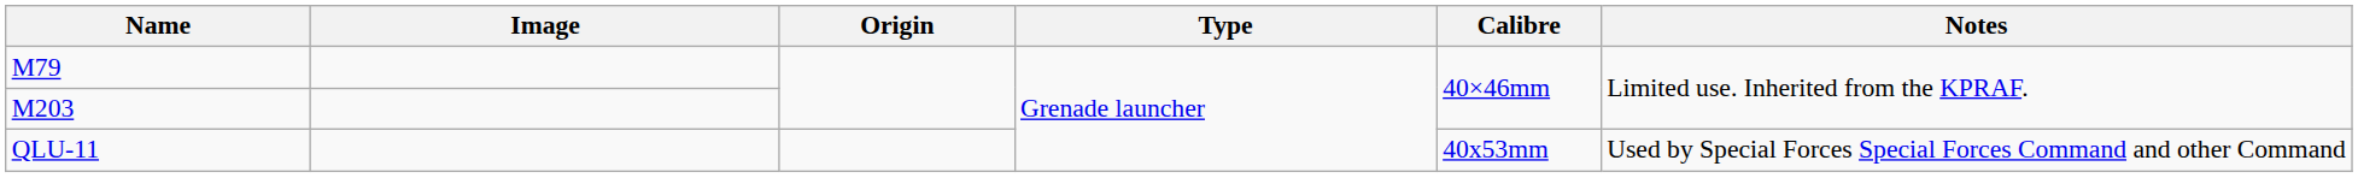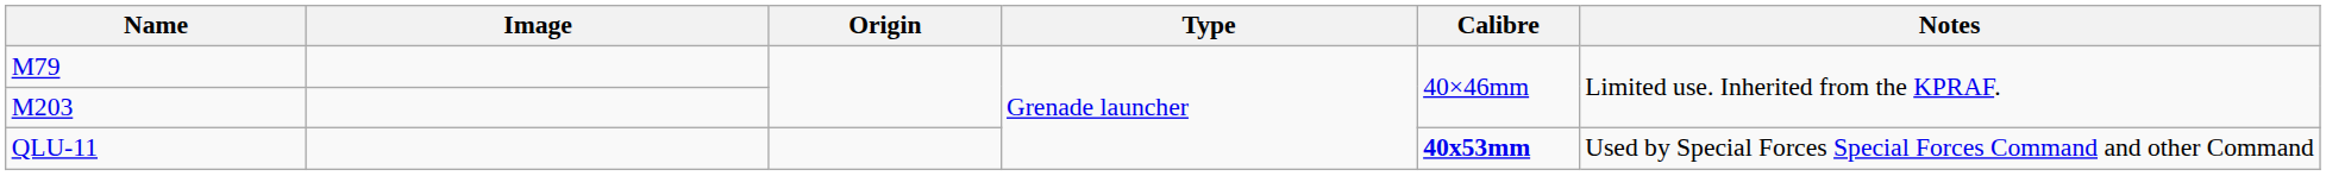 <table class="wikitable sortable">
 <tr>
 <th style="text-align: center; width:13%;">Name</th>
 <th style="text-align: center; width:20%;">Image</th>
 <th style="text-align: center; width:10%;">Origin</th>
 <th style="text-align: center; width:18%;">Type</th>
 <th style="text-align: center; width:7%;">Calibre</th>
 <th style="text-align: center; width:42%;">Notes</th>
 </tr>
 <tr>
 <td><a href='#'>M79</a></td>
 <td></td>
 <td rowspan="2"></td>
 <td rowspan="3"><a href='#'>Grenade launcher</a></td>
 <td rowspan="2"><a href='#'>40×46mm</a></td>
 <td rowspan="2">Limited use. Inherited from the <a href='#'>KPRAF</a>.</td>
 </tr>
 <tr>
 <td><a href='#'>M203</a></td>
 <td></td>
 </tr>
 <tr>
 <td><a href='#'>QLU-11</a></td>
 <td></td>
 <td></td>
-<td><a href='#'>40x53mm</a></td>
+<td><strong><a href='#'>40x53mm</a></strong></td>
 <td>Used by Special Forces <a href='#'>Special Forces Command</a> and other Command</td>
 </tr>
 </table>
